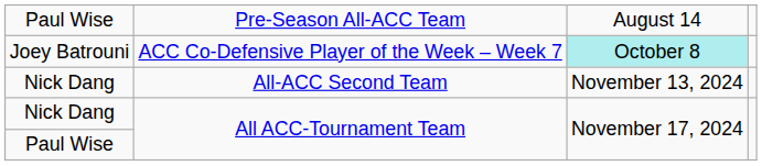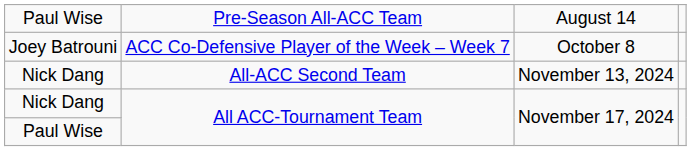 <table class="wikitable sortable" style="text-align: center">
 <tr>
 <td>Paul Wise</td>
 <td><a href='#'>Pre-Season All-ACC Team</a></td>
 <td>August 14</td>
 <td></td>
 </tr>
 <tr>
 <td>Joey Batrouni</td>
 <td><a href='#'>ACC Co-Defensive Player of the Week – Week 7</a></td>
-<td style="background: paleturquoise;">October 8</td>
+<td>October 8</td>
 <td></td>
 </tr>
 <tr>
 <td>Nick Dang</td>
 <td><a href='#'>All-ACC Second Team</a></td>
 <td>November 13, 2024</td>
 <td></td>
 </tr>
 <tr>
 <td>Nick Dang</td>
 <td rowspan=2><a href='#'>All ACC-Tournament Team</a></td>
 <td rowspan=2>November 17, 2024</td>
 <td rowspan=2></td>
 </tr>
 <tr>
 <td>Paul Wise</td>
 </tr>
 </table>
